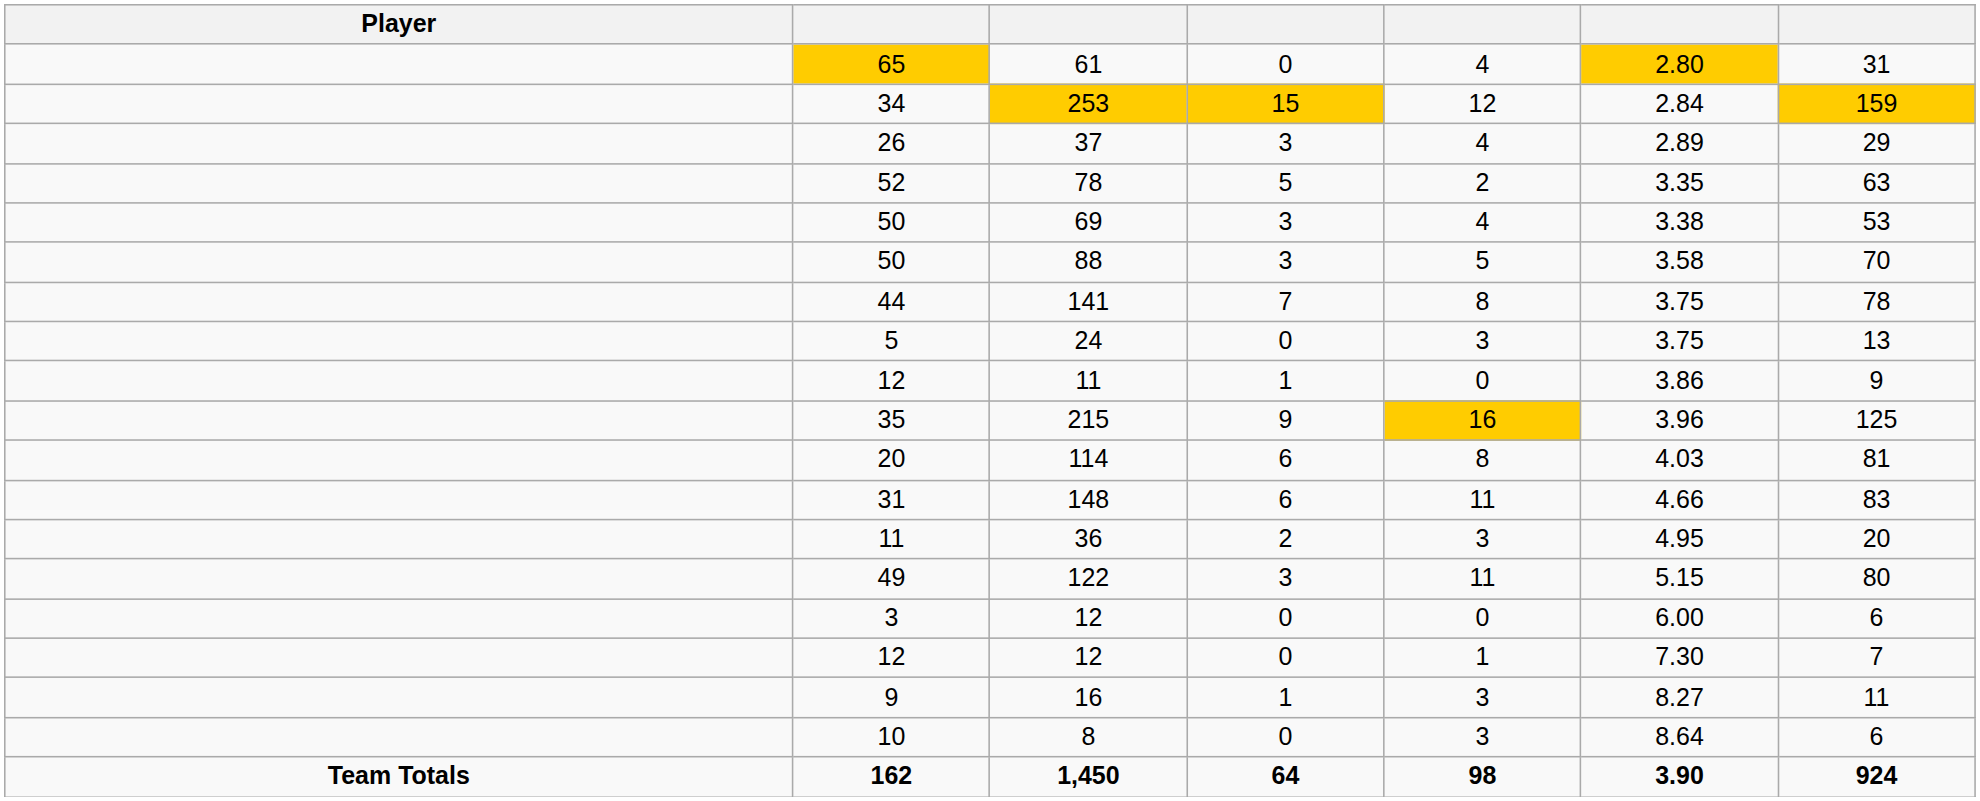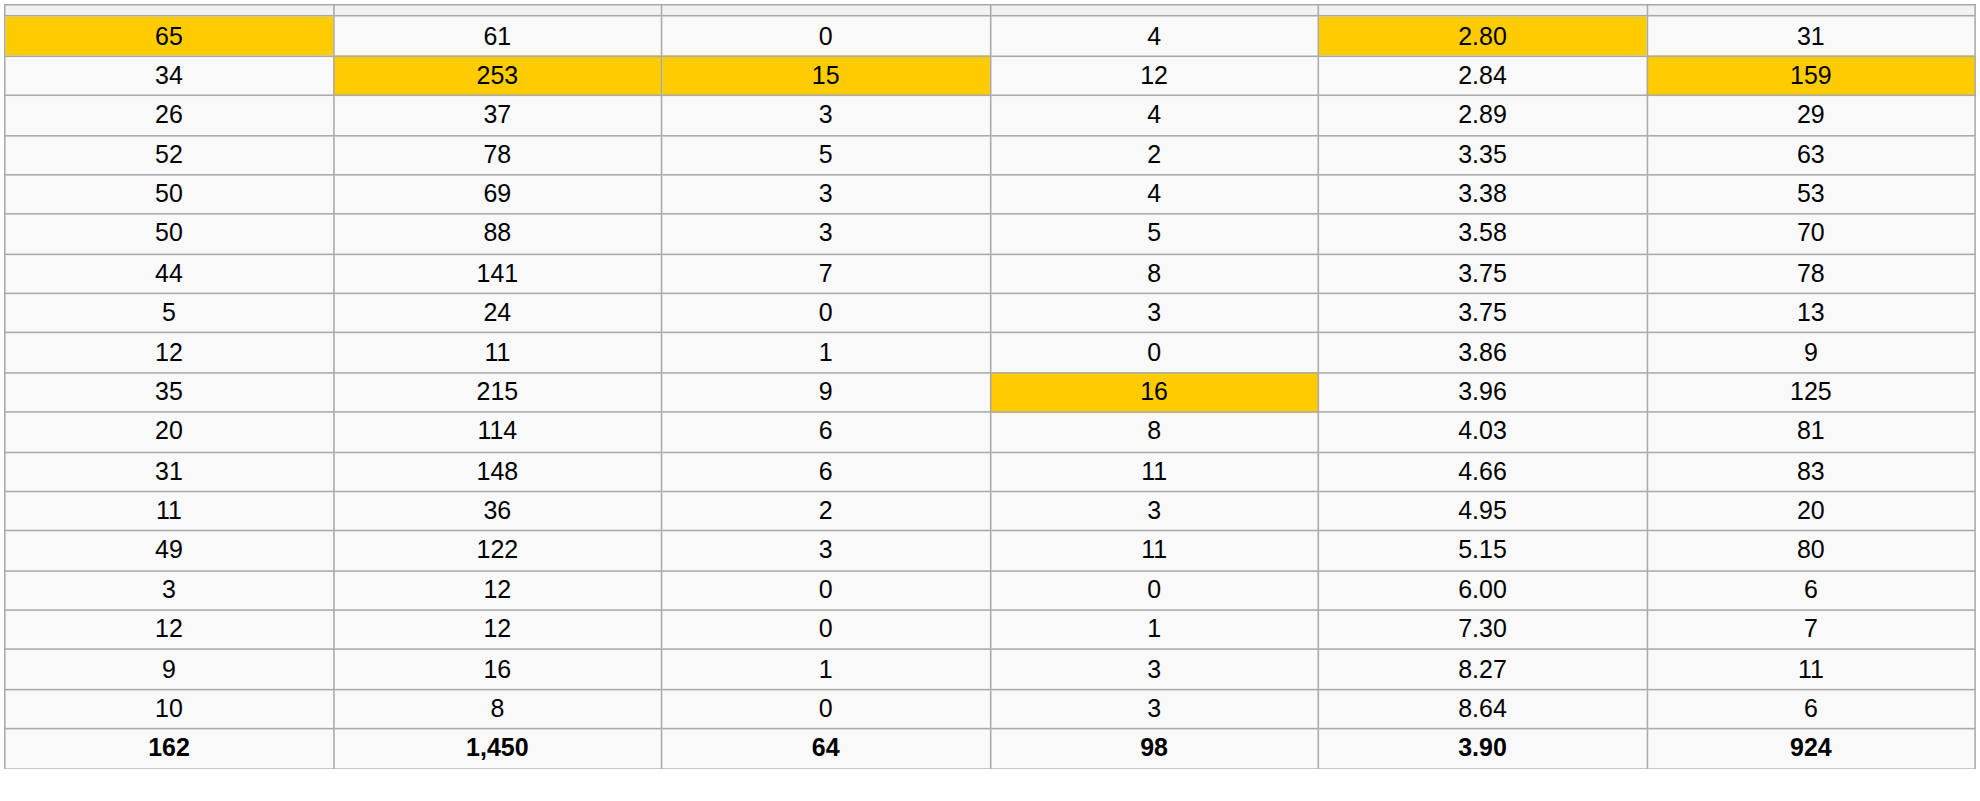 <table class="wikitable sortable" style="text-align:center;" width="100%">
 <tr>
-<th width="40%">Player</th>
 <th width="10%"></th>
 <th width="10%" data-sort-type="number"></th>
 <th width="10%"></th>
 <th width="10%"></th>
 <th width="10%"></th>
 <th width="10%"></th>
 </tr>
 <tr>
-<td></td>
 <td style="background:#fc0;">65</td>
 <td>61</td>
 <td>0</td>
 <td>4</td>
 <td style="background:#fc0;">2.80</td>
 <td>31</td>
 </tr>
 <tr>
-<td></td>
 <td>34</td>
 <td style="background:#fc0;">253</td>
 <td style="background:#fc0;">15</td>
 <td>12</td>
 <td>2.84</td>
 <td style="background:#fc0;">159</td>
 </tr>
 <tr>
-<td></td>
 <td>26</td>
 <td>37</td>
 <td>3</td>
 <td>4</td>
 <td>2.89</td>
 <td>29</td>
 </tr>
 <tr>
-<td></td>
 <td>52</td>
 <td>78</td>
 <td>5</td>
 <td>2</td>
 <td>3.35</td>
 <td>63</td>
 </tr>
 <tr>
-<td></td>
 <td>50</td>
 <td>69</td>
 <td>3</td>
 <td>4</td>
 <td>3.38</td>
 <td>53</td>
 </tr>
 <tr>
-<td></td>
 <td>50</td>
 <td>88</td>
 <td>3</td>
 <td>5</td>
 <td>3.58</td>
 <td>70</td>
 </tr>
 <tr>
-<td></td>
 <td>44</td>
 <td>141</td>
 <td>7</td>
 <td>8</td>
 <td>3.75</td>
 <td>78</td>
 </tr>
 <tr>
-<td></td>
 <td>5</td>
 <td>24</td>
 <td>0</td>
 <td>3</td>
 <td>3.75</td>
 <td>13</td>
 </tr>
 <tr>
-<td></td>
 <td>12</td>
 <td>11</td>
 <td>1</td>
 <td>0</td>
 <td>3.86</td>
 <td>9</td>
 </tr>
 <tr>
-<td></td>
 <td>35</td>
 <td>215</td>
 <td>9</td>
 <td style="background:#fc0;">16</td>
 <td>3.96</td>
 <td>125</td>
 </tr>
 <tr>
-<td></td>
 <td>20</td>
 <td>114</td>
 <td>6</td>
 <td>8</td>
 <td>4.03</td>
 <td>81</td>
 </tr>
 <tr>
-<td></td>
 <td>31</td>
 <td>148</td>
 <td>6</td>
 <td>11</td>
 <td>4.66</td>
 <td>83</td>
 </tr>
 <tr>
-<td></td>
 <td>11</td>
 <td>36</td>
 <td>2</td>
 <td>3</td>
 <td>4.95</td>
 <td>20</td>
 </tr>
 <tr>
-<td></td>
 <td>49</td>
 <td>122</td>
 <td>3</td>
 <td>11</td>
 <td>5.15</td>
 <td>80</td>
 </tr>
 <tr>
-<td></td>
 <td>3</td>
 <td>12</td>
 <td>0</td>
 <td>0</td>
 <td>6.00</td>
 <td>6</td>
 </tr>
 <tr>
-<td></td>
 <td>12</td>
 <td>12</td>
 <td>0</td>
 <td>1</td>
 <td>7.30</td>
 <td>7</td>
 </tr>
 <tr>
-<td></td>
 <td>9</td>
 <td>16</td>
 <td>1</td>
 <td>3</td>
 <td>8.27</td>
 <td>11</td>
 </tr>
 <tr>
-<td></td>
 <td>10</td>
 <td>8</td>
 <td>0</td>
 <td>3</td>
 <td>8.64</td>
 <td>6</td>
 </tr>
 <tr>
-<td><strong>Team Totals</strong></td>
 <td><strong>162</strong></td>
 <td><strong>1,450</strong></td>
 <td><strong>64</strong></td>
 <td><strong>98</strong></td>
 <td><strong>3.90</strong></td>
 <td><strong>924</strong></td>
 </tr>
 </table>
